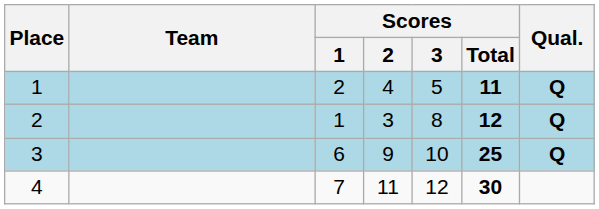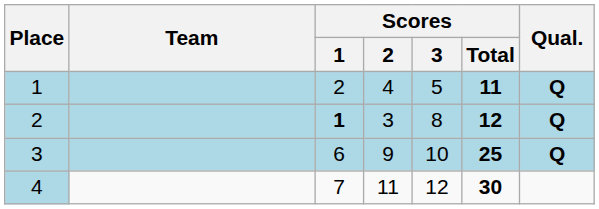 <table class=wikitable style="text-align:center">
 <tr>
 <th width=20 rowspan=2>Place</th>
 <th width=180 rowspan=2>Team</th>
 <th colspan=4>Scores</th>
 <th width=50 rowspan=2>Qual.</th>
 </tr>
 <tr>
 <th width=30>1</th>
 <th width=30>2</th>
 <th width=30>3</th>
 <th>Total</th>
 </tr>
 <tr bgcolor=lightblue>
 <td>1</td>
 <td align=left></td>
 <td>2</td>
 <td>4</td>
 <td>5</td>
 <td><strong>11</strong></td>
 <td><strong>Q</strong></td>
 </tr>
 <tr bgcolor=lightblue>
 <td>2</td>
 <td align=left></td>
-<td>1</td>
+<td><strong>1</strong></td>
 <td>3</td>
 <td>8</td>
 <td><strong>12</strong></td>
 <td><strong>Q</strong></td>
 </tr>
 <tr bgcolor=lightblue>
 <td>3</td>
 <td align=left></td>
 <td>6</td>
 <td>9</td>
 <td>10</td>
 <td><strong>25</strong></td>
 <td><strong>Q</strong></td>
 </tr>
 <tr>
-<td>4</td>
+<td style="background: lightblue;">4</td>
 <td align=left></td>
 <td>7</td>
 <td>11</td>
 <td>12</td>
 <td><strong>30</strong></td>
 <td></td>
 </tr>
 </table>
